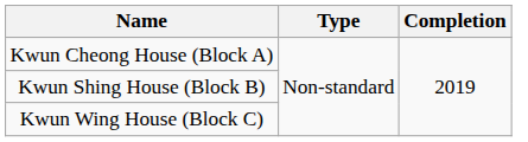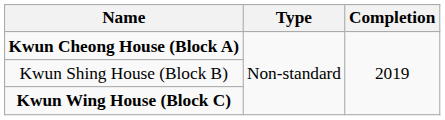 <table class="wikitable" style="text-align: center">
 <tr>
 <th>Name</th>
 <th>Type</th>
 <th>Completion</th>
 </tr>
 <tr>
-<td>Kwun Cheong House (Block A)</td>
+<td><strong>Kwun Cheong House (Block A)</strong></td>
 <td rowspan="3">Non-standard</td>
 <td rowspan="3">2019</td>
 </tr>
 <tr>
 <td>Kwun Shing House (Block B)</td>
 </tr>
 <tr>
-<td>Kwun Wing House (Block C)</td>
+<td><strong>Kwun Wing House (Block C)</strong></td>
 </tr>
 </table>
